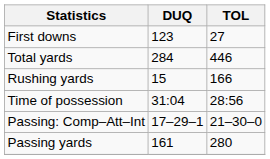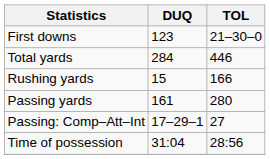 <table class="wikitable" style="float: left;">
 <tr>
 <th>Statistics</th>
 <th>DUQ</th>
 <th>TOL</th>
 </tr>
 <tr>
 <td>First downs</td>
 <td>123</td>
-<td>27</td>
+<td>21–30–0</td>
 </tr>
 <tr>
 <td>Total yards</td>
 <td>284</td>
 <td>446</td>
 </tr>
 <tr>
 <td>Rushing yards</td>
 <td>15</td>
 <td>166</td>
 </tr>
 <tr>
+<td>Passing yards</td>
+<td>161</td>
+<td>280</td>
+</tr>
+<tr>
+<td>Passing: Comp–Att–Int</td>
+<td>17–29–1</td>
+<td>27</td>
+</tr>
+<tr>
 <td>Time of possession</td>
 <td>31:04</td>
 <td>28:56</td>
 </tr>
 <tr>
-<td>Passing: Comp–Att–Int</td>
-<td>17–29–1</td>
-<td>21–30–0</td>
-</tr>
-<tr>
-<td>Passing yards</td>
-<td>161</td>
-<td>280</td>
-</tr>
-<tr>
 </tr>
 </table>
